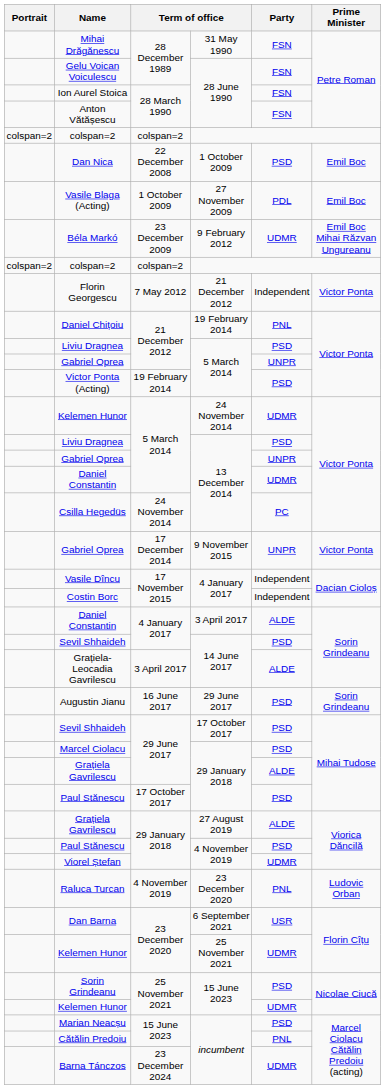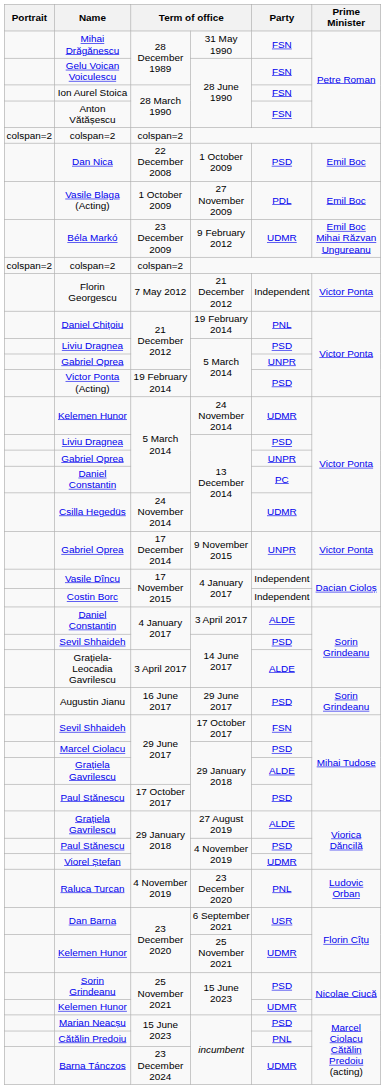 <table class="wikitable" style="text-align:center">
 <tr>
 <th colspan=1>Portrait</th>
 <th>Name</th>
 <th colspan=2>Term of office</th>
 <th>Party</th>
 <th colspan=1>Prime Minister</th>
 </tr>
 <tr>
 <td></td>
 <td><a href='#'>Mihai Drăgănescu</a></td>
 <td rowspan="2">28 December 1989</td>
 <td>31 May 1990</td>
 <td><a href='#'>FSN</a></td>
 <td rowspan="4"><a href='#'>Petre Roman</a></td>
 </tr>
 <tr>
 <td></td>
 <td><a href='#'>Gelu Voican Voiculescu</a></td>
 <td rowspan="3">28 June 1990</td>
 <td><a href='#'>FSN</a></td>
 </tr>
 <tr>
 <td></td>
 <td>Ion Aurel Stoica</td>
 <td rowspan="2">28 March 1990</td>
 <td><a href='#'>FSN</a></td>
 </tr>
 <tr>
 <td></td>
 <td>Anton Vătășescu</td>
 <td><a href='#'>FSN</a></td>
 </tr>
 <tr>
 <td>colspan=2 </td>
 <td>colspan=2 </td>
 <td>colspan=2 </td>
 </tr>
 <tr>
 <td></td>
 <td><a href='#'>Dan Nica</a></td>
 <td>22 December 2008</td>
 <td>1 October 2009</td>
 <td><a href='#'>PSD</a></td>
 <td><a href='#'>Emil Boc</a></td>
 </tr>
 <tr>
 <td></td>
 <td><a href='#'>Vasile Blaga</a><br>(Acting)</td>
 <td>1 October 2009</td>
 <td>27 November 2009</td>
 <td><a href='#'>PDL</a></td>
 <td><a href='#'>Emil Boc</a></td>
 </tr>
 <tr>
 <td></td>
 <td><a href='#'>Béla Markó</a></td>
 <td>23 December 2009</td>
 <td>9 February 2012</td>
 <td><a href='#'>UDMR</a></td>
 <td><a href='#'>Emil Boc</a><br><a href='#'>Mihai Răzvan Ungureanu</a></td>
 </tr>
 <tr>
 <td>colspan=2 </td>
 <td>colspan=2 </td>
 <td>colspan=2 </td>
 </tr>
 <tr>
 <td></td>
 <td>Florin Georgescu</td>
 <td>7 May 2012</td>
 <td>21 December 2012</td>
 <td>Independent</td>
 <td><a href='#'>Victor Ponta</a></td>
 </tr>
 <tr>
 <td></td>
 <td><a href='#'>Daniel Chițoiu</a></td>
 <td rowspan="3">21 December 2012</td>
 <td>19 February 2014</td>
 <td><a href='#'>PNL</a></td>
 <td rowspan="4"><a href='#'>Victor Ponta</a></td>
 </tr>
 <tr>
 <td></td>
 <td><a href='#'>Liviu Dragnea</a></td>
 <td rowspan="3">5 March 2014</td>
 <td><a href='#'>PSD</a></td>
 </tr>
 <tr>
 <td></td>
 <td><a href='#'>Gabriel Oprea</a></td>
 <td><a href='#'>UNPR</a></td>
 </tr>
 <tr>
 <td></td>
 <td><a href='#'>Victor Ponta</a><br>(Acting)</td>
 <td>19 February 2014</td>
 <td><a href='#'>PSD</a></td>
 </tr>
 <tr>
 <td></td>
 <td><a href='#'>Kelemen Hunor</a></td>
 <td rowspan="4">5 March 2014</td>
 <td>24 November 2014</td>
 <td><a href='#'>UDMR</a></td>
 <td rowspan="5"><a href='#'>Victor Ponta</a></td>
 </tr>
 <tr>
 <td></td>
 <td><a href='#'>Liviu Dragnea</a></td>
 <td rowspan="4">13 December 2014</td>
 <td><a href='#'>PSD</a></td>
 </tr>
 <tr>
 <td></td>
 <td><a href='#'>Gabriel Oprea</a></td>
 <td><a href='#'>UNPR</a></td>
 </tr>
 <tr>
 <td></td>
 <td><a href='#'>Daniel Constantin</a></td>
-<td><a href='#'>UDMR</a></td>
+<td><a href='#'>PC</a></td>
 </tr>
 <tr>
 <td></td>
 <td><a href='#'>Csilla Hegedüs</a></td>
 <td>24 November 2014</td>
-<td><a href='#'>PC</a></td>
+<td><a href='#'>UDMR</a></td>
 </tr>
 <tr>
 <td></td>
 <td><a href='#'>Gabriel Oprea</a></td>
 <td>17 December 2014</td>
 <td>9 November 2015</td>
 <td><a href='#'>UNPR</a></td>
 <td><a href='#'>Victor Ponta</a></td>
 </tr>
 <tr>
 <td></td>
 <td><a href='#'>Vasile Dîncu</a></td>
 <td rowspan="2">17 November 2015</td>
 <td rowspan="2">4 January 2017</td>
 <td>Independent</td>
 <td rowspan="2"><a href='#'>Dacian Cioloș</a></td>
 </tr>
 <tr>
 <td></td>
 <td><a href='#'>Costin Borc</a></td>
 <td>Independent</td>
 </tr>
 <tr>
 <td></td>
 <td><a href='#'>Daniel Constantin</a></td>
 <td rowspan="2">4 January 2017</td>
 <td>3 April 2017</td>
 <td><a href='#'>ALDE</a></td>
 <td rowspan="3"><a href='#'>Sorin Grindeanu</a></td>
 </tr>
 <tr>
 <td></td>
 <td><a href='#'>Sevil Shhaideh</a></td>
 <td rowspan="2">14 June 2017</td>
 <td><a href='#'>PSD</a></td>
 </tr>
 <tr>
 <td></td>
 <td>Grațiela-Leocadia Gavrilescu</td>
 <td>3 April 2017</td>
 <td><a href='#'>ALDE</a></td>
 </tr>
 <tr>
 <td></td>
 <td>Augustin Jianu</td>
 <td>16 June 2017</td>
 <td>29 June 2017</td>
 <td><a href='#'>PSD</a></td>
 <td><a href='#'>Sorin Grindeanu</a></td>
 </tr>
 <tr>
 <td></td>
 <td><a href='#'>Sevil Shhaideh</a></td>
 <td rowspan="3">29 June 2017</td>
 <td>17 October 2017</td>
-<td><a href='#'>PSD</a></td>
+<td><a href='#'>FSN</a></td>
 <td rowspan="4"><a href='#'>Mihai Tudose</a></td>
 </tr>
 <tr>
 <td></td>
 <td><a href='#'>Marcel Ciolacu</a></td>
 <td rowspan="3">29 January 2018</td>
 <td><a href='#'>PSD</a></td>
 </tr>
 <tr>
 <td></td>
 <td><a href='#'>Grațiela Gavrilescu</a></td>
 <td><a href='#'>ALDE</a></td>
 </tr>
 <tr>
 <td></td>
 <td><a href='#'>Paul Stănescu</a></td>
 <td>17 October 2017</td>
 <td><a href='#'>PSD</a></td>
 </tr>
 <tr>
 <td></td>
 <td><a href='#'>Grațiela Gavrilescu</a></td>
 <td rowspan="3">29 January 2018</td>
 <td>27 August 2019</td>
 <td><a href='#'>ALDE</a></td>
 <td rowspan="3"><a href='#'>Viorica Dăncilă</a></td>
 </tr>
 <tr>
 <td></td>
 <td><a href='#'>Paul Stănescu</a></td>
 <td rowspan="2">4 November 2019</td>
 <td><a href='#'>PSD</a></td>
 </tr>
 <tr>
 <td></td>
 <td><a href='#'>Viorel Ștefan</a></td>
 <td><a href='#'>UDMR</a></td>
 </tr>
 <tr>
 <td></td>
 <td><a href='#'>Raluca Turcan</a></td>
 <td>4 November 2019</td>
 <td>23 December 2020</td>
 <td><a href='#'>PNL</a></td>
 <td><a href='#'>Ludovic Orban</a></td>
 </tr>
 <tr>
 <td></td>
 <td><a href='#'>Dan Barna</a></td>
 <td rowspan="2">23 December 2020</td>
 <td>6 September 2021</td>
 <td><a href='#'>USR</a></td>
 <td rowspan="2"><a href='#'>Florin Cîțu</a></td>
 </tr>
 <tr>
 <td></td>
 <td><a href='#'>Kelemen Hunor</a></td>
 <td>25 November 2021</td>
 <td><a href='#'>UDMR</a></td>
 </tr>
 <tr>
 <td></td>
 <td><a href='#'>Sorin Grindeanu</a></td>
 <td rowspan="2">25 November 2021</td>
 <td rowspan="2">15 June 2023</td>
 <td><a href='#'>PSD</a></td>
 <td rowspan="2"><a href='#'>Nicolae Ciucă</a></td>
 </tr>
 <tr>
 <td></td>
 <td><a href='#'>Kelemen Hunor</a></td>
 <td><a href='#'>UDMR</a></td>
 </tr>
 <tr>
 <td></td>
 <td><a href='#'>Marian Neacșu</a></td>
 <td rowspan="2">15 June 2023</td>
 <td rowspan="3"><em>incumbent</em></td>
 <td><a href='#'>PSD</a></td>
 <td rowspan="3"><a href='#'>Marcel Ciolacu</a><br><a href='#'>Cătălin Predoiu</a> (acting)</td>
 </tr>
 <tr>
 <td></td>
 <td><a href='#'>Cătălin Predoiu</a></td>
 <td><a href='#'>PNL</a></td>
 </tr>
 <tr>
 <td></td>
 <td><a href='#'>Barna Tánczos</a></td>
 <td>23 December 2024</td>
 <td><a href='#'>UDMR</a></td>
 </tr>
 </table>
